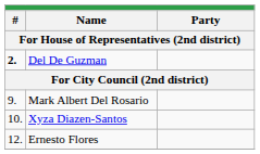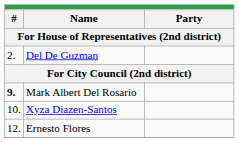 <table class="wikitable" style="font-size:90%">
 <tr>
 <td colspan="5" bgcolor="#2d9f48"></td>
 </tr>
 <tr>
 <th>#</th>
 <th width=150px>Name</th>
 <th colspan=2 width=110px>Party</th>
 </tr>
 <tr>
 <th colspan=5>For House of Representatives (2nd district)</th>
 </tr>
 <tr>
-<td><strong>2.</strong></td>
+<td>2.</td>
 <td><a href='#'>Del De Guzman</a></td>
 <td></td>
 </tr>
 <tr>
 <th colspan="5">For City Council (2nd district)</th>
 </tr>
 <tr>
-<td>9.</td>
+<td><strong>9.</strong></td>
 <td>Mark Albert Del Rosario</td>
 <td></td>
 </tr>
 <tr>
 <td>10.</td>
 <td><a href='#'>Xyza Diazen-Santos</a></td>
 <td></td>
 </tr>
 <tr>
 <td>12.</td>
 <td>Ernesto Flores</td>
 <td></td>
 </tr>
 <tr>
 </tr>
 </table>
